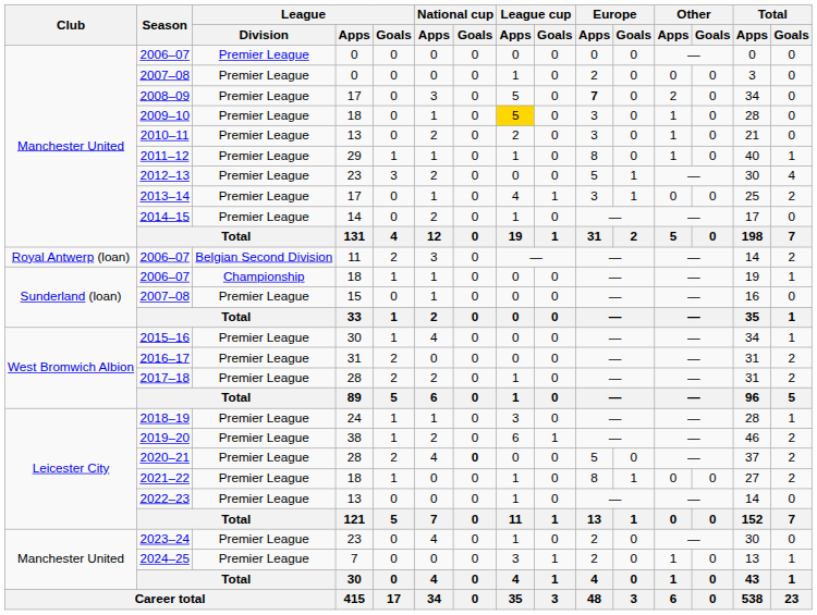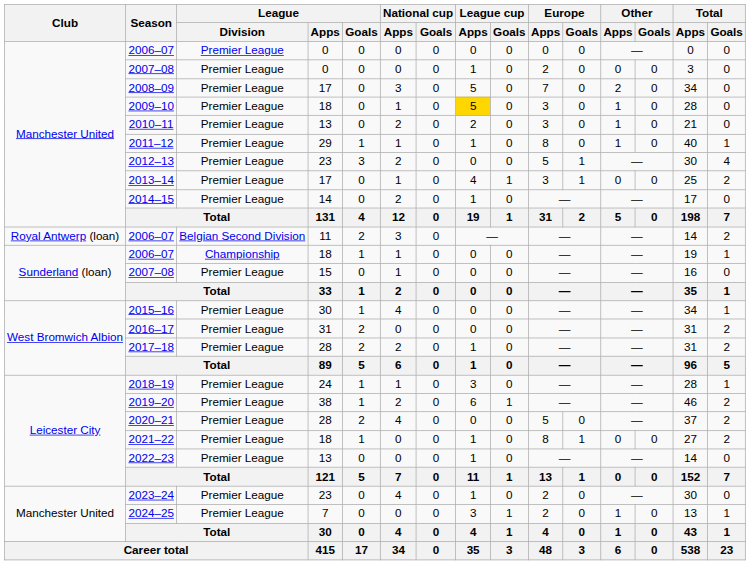 <table class="wikitable" style="text-align: center;">
 <tr>
 <th rowspan="2">Club</th>
 <th rowspan="2">Season</th>
 <th colspan="3">League</th>
 <th colspan="2">National cup</th>
 <th colspan="2">League cup</th>
 <th colspan="2">Europe</th>
 <th colspan="2">Other</th>
 <th colspan="2">Total</th>
 </tr>
 <tr>
 <th>Division</th>
 <th>Apps</th>
 <th>Goals</th>
 <th>Apps</th>
 <th>Goals</th>
 <th>Apps</th>
 <th>Goals</th>
 <th>Apps</th>
 <th>Goals</th>
 <th>Apps</th>
 <th>Goals</th>
 <th>Apps</th>
 <th>Goals</th>
 </tr>
 <tr>
 <td rowspan="10"><a href='#'>Manchester United</a></td>
 <td><a href='#'>2006–07</a></td>
 <td><a href='#'>Premier League</a></td>
 <td>0</td>
 <td>0</td>
 <td>0</td>
 <td>0</td>
 <td>0</td>
 <td>0</td>
 <td>0</td>
 <td>0</td>
 <td colspan="2">—</td>
 <td>0</td>
 <td>0</td>
 </tr>
 <tr>
 <td><a href='#'>2007–08</a></td>
 <td>Premier League</td>
 <td>0</td>
 <td>0</td>
 <td>0</td>
 <td>0</td>
 <td>1</td>
 <td>0</td>
 <td>2</td>
 <td>0</td>
 <td>0</td>
 <td>0</td>
 <td>3</td>
 <td>0</td>
 </tr>
 <tr>
 <td><a href='#'>2008–09</a></td>
 <td>Premier League</td>
 <td>17</td>
 <td>0</td>
 <td>3</td>
 <td>0</td>
 <td>5</td>
 <td>0</td>
-<td><strong>7</strong></td>
+<td>7</td>
 <td>0</td>
 <td>2</td>
 <td>0</td>
 <td>34</td>
 <td>0</td>
 </tr>
 <tr>
 <td><a href='#'>2009–10</a></td>
 <td>Premier League</td>
 <td>18</td>
 <td>0</td>
 <td>1</td>
 <td>0</td>
 <td style="background: gold;">5</td>
 <td>0</td>
 <td>3</td>
 <td>0</td>
 <td>1</td>
 <td>0</td>
 <td>28</td>
 <td>0</td>
 </tr>
 <tr>
 <td><a href='#'>2010–11</a></td>
 <td>Premier League</td>
 <td>13</td>
 <td>0</td>
 <td>2</td>
 <td>0</td>
 <td>2</td>
 <td>0</td>
 <td>3</td>
 <td>0</td>
 <td>1</td>
 <td>0</td>
 <td>21</td>
 <td>0</td>
 </tr>
 <tr>
 <td><a href='#'>2011–12</a></td>
 <td>Premier League</td>
 <td>29</td>
 <td>1</td>
 <td>1</td>
 <td>0</td>
 <td>1</td>
 <td>0</td>
 <td>8</td>
 <td>0</td>
 <td>1</td>
 <td>0</td>
 <td>40</td>
 <td>1</td>
 </tr>
 <tr>
 <td><a href='#'>2012–13</a></td>
 <td>Premier League</td>
 <td>23</td>
 <td>3</td>
 <td>2</td>
 <td>0</td>
 <td>0</td>
 <td>0</td>
 <td>5</td>
 <td>1</td>
 <td colspan="2">—</td>
 <td>30</td>
 <td>4</td>
 </tr>
 <tr>
 <td><a href='#'>2013–14</a></td>
 <td>Premier League</td>
 <td>17</td>
 <td>0</td>
 <td>1</td>
 <td>0</td>
 <td>4</td>
 <td>1</td>
 <td>3</td>
 <td>1</td>
 <td>0</td>
 <td>0</td>
 <td>25</td>
 <td>2</td>
 </tr>
 <tr>
 <td><a href='#'>2014–15</a></td>
 <td>Premier League</td>
 <td>14</td>
 <td>0</td>
 <td>2</td>
 <td>0</td>
 <td>1</td>
 <td>0</td>
 <td colspan="2">—</td>
 <td colspan="2">—</td>
 <td>17</td>
 <td>0</td>
 </tr>
 <tr>
 <th colspan="2">Total</th>
 <th>131</th>
 <th>4</th>
 <th>12</th>
 <th>0</th>
 <th>19</th>
 <th>1</th>
 <th>31</th>
 <th>2</th>
 <th>5</th>
 <th>0</th>
 <th>198</th>
 <th>7</th>
 </tr>
 <tr>
 <td><a href='#'>Royal Antwerp</a> (loan)</td>
 <td><a href='#'>2006–07</a></td>
 <td><a href='#'>Belgian Second Division</a></td>
 <td>11</td>
 <td>2</td>
 <td>3</td>
 <td>0</td>
 <td colspan="2">—</td>
 <td colspan="2">—</td>
 <td colspan="2">—</td>
 <td>14</td>
 <td>2</td>
 </tr>
 <tr>
 <td rowspan="3"><a href='#'>Sunderland</a> (loan)</td>
 <td><a href='#'>2006–07</a></td>
 <td><a href='#'>Championship</a></td>
 <td>18</td>
 <td>1</td>
 <td>1</td>
 <td>0</td>
 <td>0</td>
 <td>0</td>
 <td colspan="2">—</td>
 <td colspan="2">—</td>
 <td>19</td>
 <td>1</td>
 </tr>
 <tr>
 <td><a href='#'>2007–08</a></td>
 <td>Premier League</td>
 <td>15</td>
 <td>0</td>
 <td>1</td>
 <td>0</td>
 <td>0</td>
 <td>0</td>
 <td colspan="2">—</td>
 <td colspan="2">—</td>
 <td>16</td>
 <td>0</td>
 </tr>
 <tr>
 <th colspan="2">Total</th>
 <th>33</th>
 <th>1</th>
 <th>2</th>
 <th>0</th>
 <th>0</th>
 <th>0</th>
 <th colspan="2">—</th>
 <th colspan="2">—</th>
 <th>35</th>
 <th>1</th>
 </tr>
 <tr>
 <td rowspan="4"><a href='#'>West Bromwich Albion</a></td>
 <td><a href='#'>2015–16</a></td>
 <td>Premier League</td>
 <td>30</td>
 <td>1</td>
 <td>4</td>
 <td>0</td>
 <td>0</td>
 <td>0</td>
 <td colspan="2">—</td>
 <td colspan="2">—</td>
 <td>34</td>
 <td>1</td>
 </tr>
 <tr>
 <td><a href='#'>2016–17</a></td>
 <td>Premier League</td>
 <td>31</td>
 <td>2</td>
 <td>0</td>
 <td>0</td>
 <td>0</td>
 <td>0</td>
 <td colspan="2">—</td>
 <td colspan="2">—</td>
 <td>31</td>
 <td>2</td>
 </tr>
 <tr>
 <td><a href='#'>2017–18</a></td>
 <td>Premier League</td>
 <td>28</td>
 <td>2</td>
 <td>2</td>
 <td>0</td>
 <td>1</td>
 <td>0</td>
 <td colspan="2">—</td>
 <td colspan="2">—</td>
 <td>31</td>
 <td>2</td>
 </tr>
 <tr>
 <th colspan="2">Total</th>
 <th>89</th>
 <th>5</th>
 <th>6</th>
 <th>0</th>
 <th>1</th>
 <th>0</th>
 <th colspan="2">—</th>
 <th colspan="2">—</th>
 <th>96</th>
 <th>5</th>
 </tr>
 <tr>
 <td rowspan="6"><a href='#'>Leicester City</a></td>
 <td><a href='#'>2018–19</a></td>
 <td>Premier League</td>
 <td>24</td>
 <td>1</td>
 <td>1</td>
 <td>0</td>
 <td>3</td>
 <td>0</td>
 <td colspan="2">—</td>
 <td colspan="2">—</td>
 <td>28</td>
 <td>1</td>
 </tr>
 <tr>
 <td><a href='#'>2019–20</a></td>
 <td>Premier League</td>
 <td>38</td>
 <td>1</td>
 <td>2</td>
 <td>0</td>
 <td>6</td>
 <td>1</td>
 <td colspan="2">—</td>
 <td colspan="2">—</td>
 <td>46</td>
 <td>2</td>
 </tr>
 <tr>
 <td><a href='#'>2020–21</a></td>
 <td>Premier League</td>
 <td>28</td>
 <td>2</td>
 <td>4</td>
-<td><strong>0</strong></td>
+<td>0</td>
 <td>0</td>
 <td>0</td>
 <td>5</td>
 <td>0</td>
 <td colspan="2">—</td>
 <td>37</td>
 <td>2</td>
 </tr>
 <tr>
 <td><a href='#'>2021–22</a></td>
 <td>Premier League</td>
 <td>18</td>
 <td>1</td>
 <td>0</td>
 <td>0</td>
 <td>1</td>
 <td>0</td>
 <td>8</td>
 <td>1</td>
 <td>0</td>
 <td>0</td>
 <td>27</td>
 <td>2</td>
 </tr>
 <tr>
 <td><a href='#'>2022–23</a></td>
 <td>Premier League</td>
 <td>13</td>
 <td>0</td>
 <td>0</td>
 <td>0</td>
 <td>1</td>
 <td>0</td>
 <td colspan="2">—</td>
 <td colspan="2">—</td>
 <td>14</td>
 <td>0</td>
 </tr>
 <tr>
 <th colspan="2">Total</th>
 <th>121</th>
 <th>5</th>
 <th>7</th>
 <th>0</th>
 <th>11</th>
 <th>1</th>
 <th>13</th>
 <th>1</th>
 <th>0</th>
 <th>0</th>
 <th>152</th>
 <th>7</th>
 </tr>
 <tr>
 <td rowspan="3">Manchester United</td>
 <td><a href='#'>2023–24</a></td>
 <td>Premier League</td>
 <td>23</td>
 <td>0</td>
 <td>4</td>
 <td>0</td>
 <td>1</td>
 <td>0</td>
 <td>2</td>
 <td>0</td>
 <td colspan="2">—</td>
 <td>30</td>
 <td>0</td>
 </tr>
 <tr>
 <td><a href='#'>2024–25</a></td>
 <td>Premier League</td>
 <td>7</td>
 <td>0</td>
 <td>0</td>
 <td>0</td>
 <td>3</td>
 <td>1</td>
 <td>2</td>
 <td>0</td>
 <td>1</td>
 <td>0</td>
 <td>13</td>
 <td>1</td>
 </tr>
 <tr>
 <th colspan="2">Total</th>
 <th>30</th>
 <th>0</th>
 <th>4</th>
 <th>0</th>
 <th>4</th>
 <th>1</th>
 <th>4</th>
 <th>0</th>
 <th>1</th>
 <th>0</th>
 <th>43</th>
 <th>1</th>
 </tr>
 <tr>
 <th colspan="3">Career total</th>
 <th>415</th>
 <th>17</th>
 <th>34</th>
 <th>0</th>
 <th>35</th>
 <th>3</th>
 <th>48</th>
 <th>3</th>
 <th>6</th>
 <th>0</th>
 <th>538</th>
 <th>23</th>
 </tr>
 </table>
